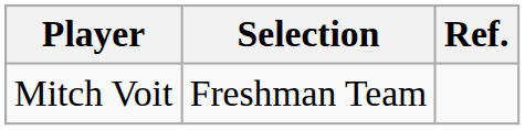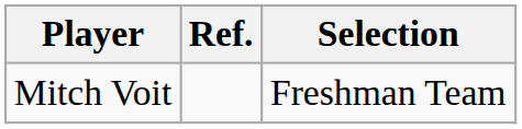 <table class="wikitable sortable sortable" style="text-align: center">
 <tr align=center>
 <th>Player</th>
+<th>Ref.</th>
 <th>Selection</th>
-<th>Ref.</th>
 </tr>
 <tr>
 <td>Mitch Voit</td>
+<td></td>
 <td>Freshman Team</td>
-<td></td>
 </tr>
 </table>
